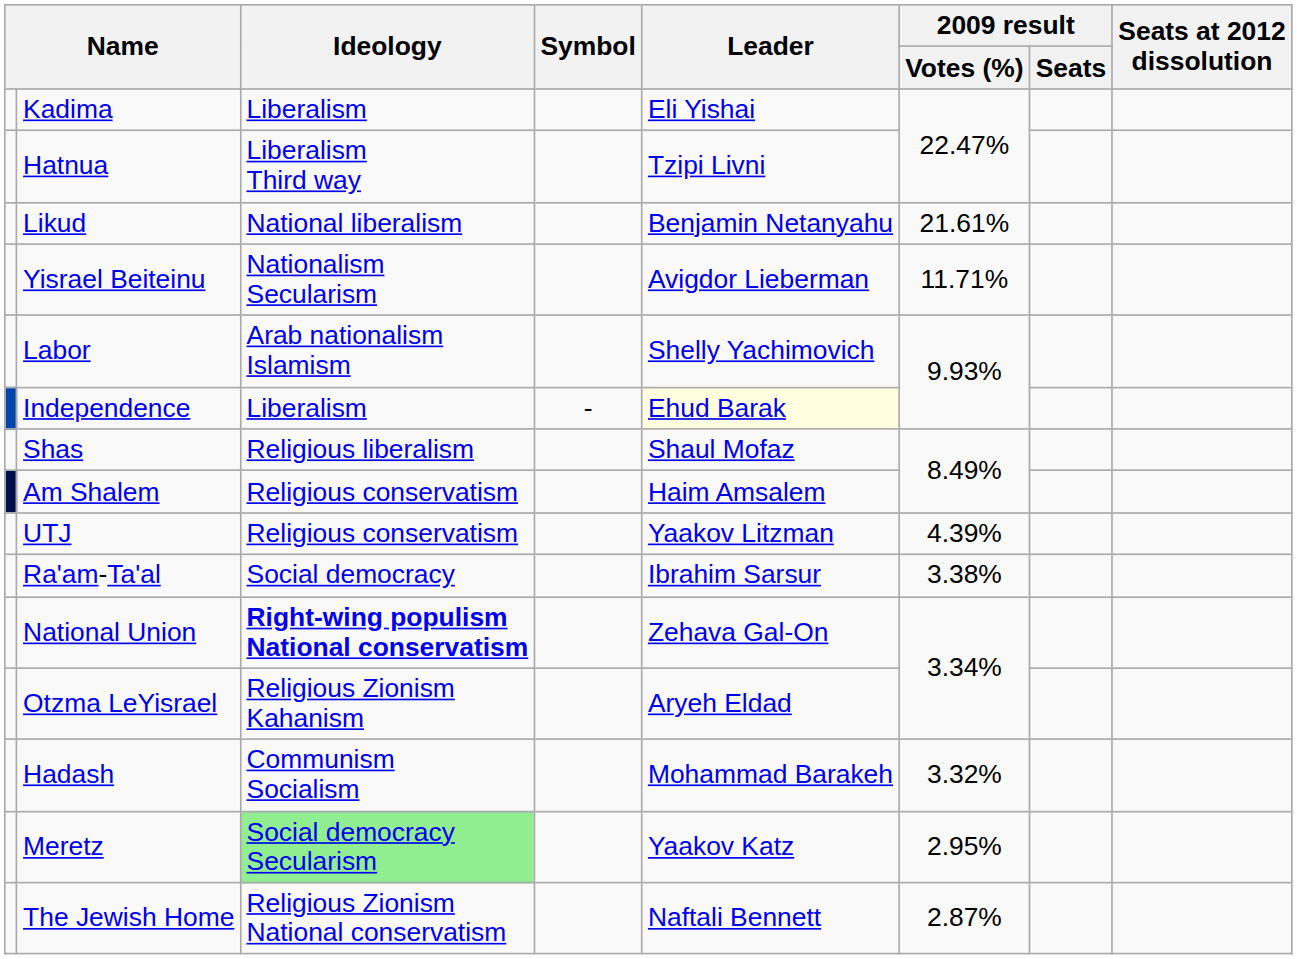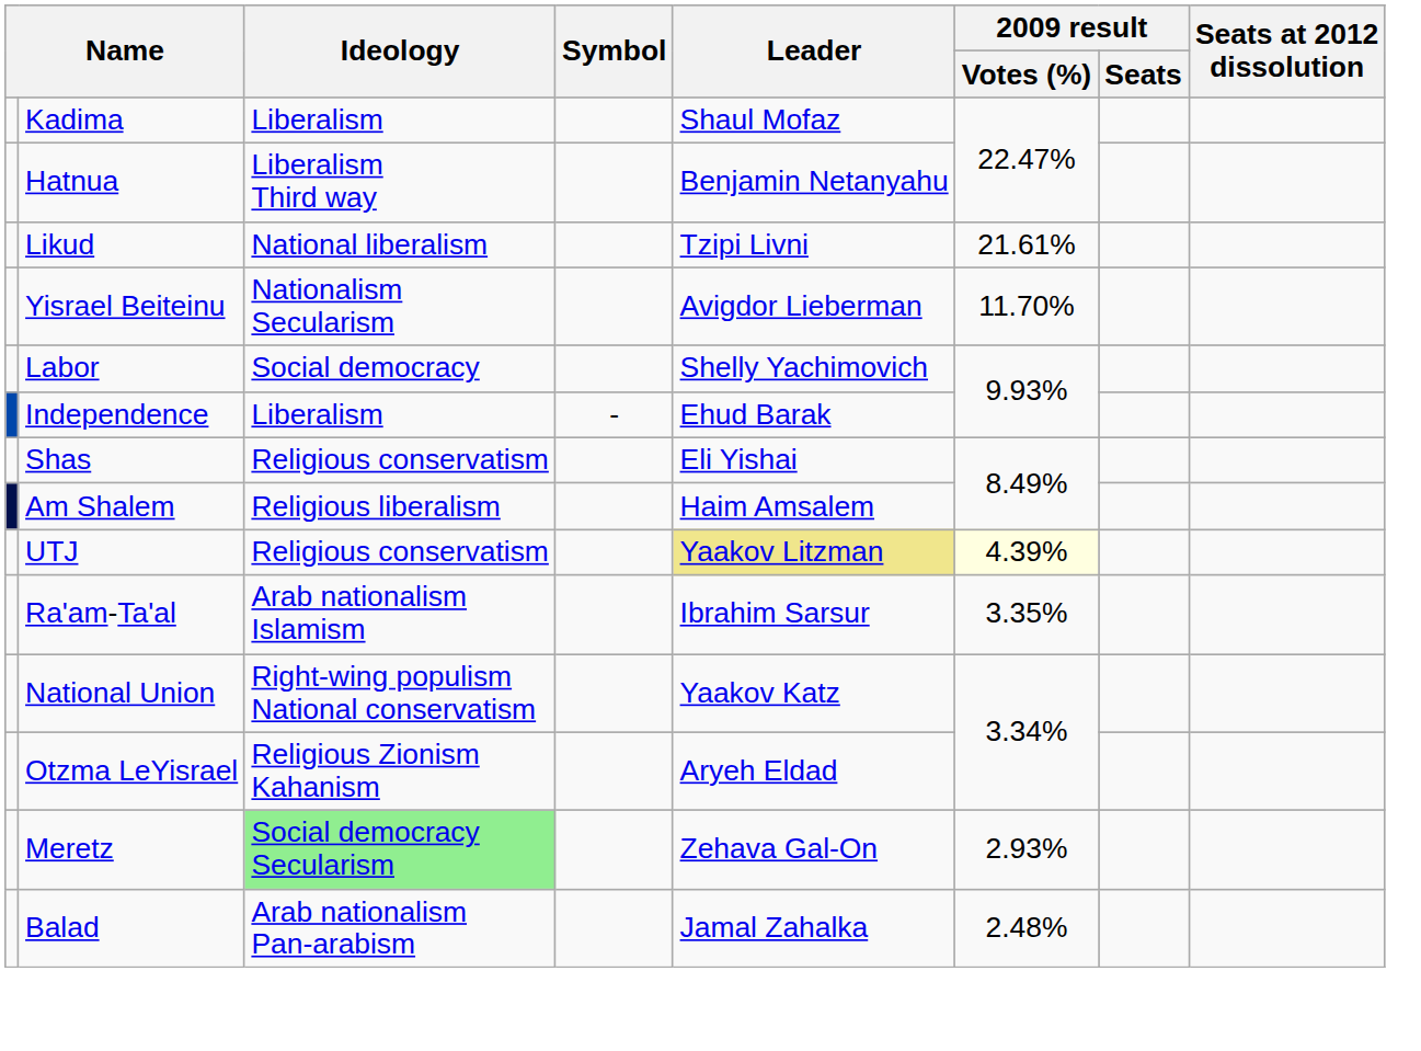 <table class="wikitable">
 <tr>
 <th rowspan="2" colspan=2>Name</th>
 <th rowspan="2">Ideology</th>
 <th rowspan="2">Symbol</th>
 <th rowspan="2">Leader</th>
 <th colspan="2">2009 result</th>
 <th rowspan="2">Seats at 2012<br>dissolution</th>
 </tr>
 <tr>
 <th>Votes (%)</th>
 <th>Seats</th>
 </tr>
 <tr>
 <td style="background:"></td>
 <td><a href='#'>Kadima</a></td>
 <td><a href='#'>Liberalism</a></td>
 <td></td>
-<td><a href='#'>Eli Yishai</a></td>
+<td><a href='#'>Shaul Mofaz</a></td>
 <td rowspan=2 style="text-align:center;">22.47%</td>
 <td></td>
 <td></td>
 </tr>
 <tr>
 <td style="background:"></td>
 <td><a href='#'>Hatnua</a></td>
 <td><a href='#'>Liberalism</a><br><a href='#'>Third way</a></td>
 <td></td>
-<td><a href='#'>Tzipi Livni</a></td>
+<td><a href='#'>Benjamin Netanyahu</a></td>
 <td></td>
 <td></td>
 </tr>
 <tr>
 <td style="background:"></td>
 <td><a href='#'>Likud</a></td>
 <td><a href='#'>National liberalism</a></td>
 <td></td>
-<td><a href='#'>Benjamin Netanyahu</a></td>
+<td><a href='#'>Tzipi Livni</a></td>
 <td style="text-align:center;">21.61%</td>
 <td></td>
 <td></td>
 </tr>
 <tr>
 <td style="background:"></td>
 <td><a href='#'>Yisrael Beiteinu</a></td>
 <td><a href='#'>Nationalism</a><br><a href='#'>Secularism</a></td>
 <td></td>
 <td><a href='#'>Avigdor Lieberman</a></td>
-<td style="text-align:center;">11.71%</td>
+<td style="text-align:center;">11.70%</td>
 <td></td>
 <td></td>
 </tr>
 <tr>
 <td style="background:"></td>
 <td><a href='#'>Labor</a></td>
-<td><a href='#'>Arab nationalism</a><br><a href='#'>Islamism</a></td>
+<td><a href='#'>Social democracy</a></td>
 <td></td>
 <td><a href='#'>Shelly Yachimovich</a></td>
 <td rowspan=2 style="text-align:center;">9.93%</td>
 <td></td>
 <td></td>
 </tr>
 <tr>
 <td style="background:#0047AB;"></td>
 <td><a href='#'>Independence</a></td>
 <td><a href='#'>Liberalism</a></td>
 <td style="text-align:center;">-</td>
-<td style="background: lightyellow;"><a href='#'>Ehud Barak</a></td>
+<td><a href='#'>Ehud Barak</a></td>
 <td></td>
 <td></td>
 </tr>
 <tr>
 <td style="background:"></td>
 <td><a href='#'>Shas</a></td>
-<td><a href='#'>Religious liberalism</a></td>
+<td><a href='#'>Religious conservatism</a></td>
 <td></td>
-<td><a href='#'>Shaul Mofaz</a></td>
+<td><a href='#'>Eli Yishai</a></td>
 <td rowspan=2 style="text-align:center;">8.49%</td>
 <td></td>
 <td></td>
 </tr>
 <tr>
 <td style="background:#000F4C;"></td>
 <td><a href='#'>Am Shalem</a></td>
-<td><a href='#'>Religious conservatism</a></td>
+<td><a href='#'>Religious liberalism</a></td>
 <td></td>
 <td><a href='#'>Haim Amsalem</a></td>
 <td></td>
 <td></td>
 </tr>
 <tr>
 <td style="background:"></td>
 <td><a href='#'>UTJ</a></td>
 <td><a href='#'>Religious conservatism</a></td>
 <td></td>
-<td><a href='#'>Yaakov Litzman</a></td>
-<td style="text-align:center;">4.39%</td>
+<td style="background: khaki;"><a href='#'>Yaakov Litzman</a></td>
+<td style="background: lightyellow; text-align:center;">4.39%</td>
 <td></td>
 <td></td>
 </tr>
 <tr>
 <td style="background:"></td>
 <td><a href='#'>Ra'am</a>-<a href='#'>Ta'al</a></td>
-<td><a href='#'>Social democracy</a></td>
+<td><a href='#'>Arab nationalism</a><br><a href='#'>Islamism</a></td>
 <td></td>
 <td><a href='#'>Ibrahim Sarsur</a></td>
-<td style="text-align:center;">3.38%</td>
+<td style="text-align:center;">3.35%</td>
 <td></td>
 <td></td>
 </tr>
 <tr>
 <td style="background:"></td>
 <td><a href='#'>National Union</a></td>
-<td><strong><a href='#'>Right-wing populism</a><br><a href='#'>National conservatism</a></strong></td>
+<td><a href='#'>Right-wing populism</a><br><a href='#'>National conservatism</a></td>
 <td></td>
-<td><a href='#'>Zehava Gal-On</a></td>
+<td><a href='#'>Yaakov Katz</a></td>
 <td rowspan=2 style="text-align:center;">3.34%</td>
 <td></td>
 <td></td>
 </tr>
 <tr>
 <td style="background:"></td>
 <td><a href='#'>Otzma LeYisrael</a></td>
 <td><a href='#'>Religious Zionism</a><br><a href='#'>Kahanism</a></td>
 <td></td>
 <td><a href='#'>Aryeh Eldad</a></td>
 <td></td>
 <td></td>
 </tr>
 <tr>
 <td style="background:"></td>
-<td><a href='#'>Hadash</a></td>
-<td><a href='#'>Communism</a><br><a href='#'>Socialism</a></td>
+<td><a href='#'>Meretz</a></td>
+<td style="background: lightgreen;"><a href='#'>Social democracy</a><br><a href='#'>Secularism</a></td>
 <td></td>
-<td><a href='#'>Mohammad Barakeh</a></td>
-<td style="text-align:center;">3.32%</td>
+<td><a href='#'>Zehava Gal-On</a></td>
+<td style="text-align:center;">2.93%</td>
 <td></td>
 <td></td>
 </tr>
 <tr>
 <td style="background:"></td>
-<td><a href='#'>Meretz</a></td>
-<td style="background: lightgreen;"><a href='#'>Social democracy</a><br><a href='#'>Secularism</a></td>
+<td><a href='#'>Balad</a></td>
+<td><a href='#'>Arab nationalism</a><br><a href='#'>Pan-arabism</a></td>
 <td></td>
-<td><a href='#'>Yaakov Katz</a></td>
-<td style="text-align:center;">2.95%</td>
-<td></td>
-<td></td>
-</tr>
-<tr>
-<td style="background:"></td>
-<td><a href='#'>The Jewish Home</a></td>
-<td><a href='#'>Religious Zionism</a><br><a href='#'>National conservatism</a></td>
-<td></td>
-<td><a href='#'>Naftali Bennett</a></td>
-<td style="text-align:center;">2.87%</td>
+<td><a href='#'>Jamal Zahalka</a></td>
+<td style="text-align:center;">2.48%</td>
 <td></td>
 <td></td>
 </tr>
 </table>
